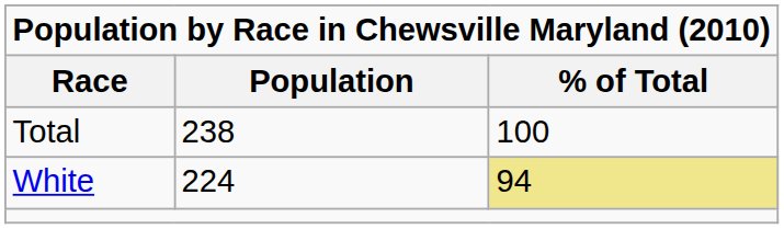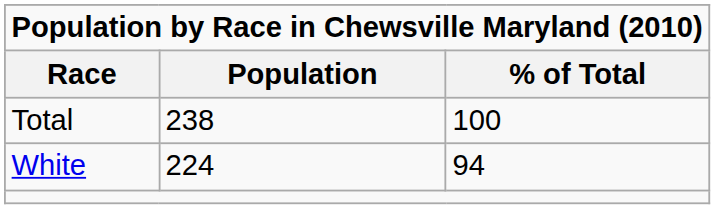 <table class="wikitable sortable">
 <tr>
 <td colspan="3" style="text-align:center;"><strong>Population by Race in Chewsville Maryland (2010)</strong></td>
 </tr>
 <tr>
 <th>Race</th>
 <th>Population</th>
 <th>% of Total</th>
 </tr>
 <tr>
 <td>Total</td>
 <td>238</td>
 <td>100</td>
 </tr>
 <tr>
 <td><a href='#'>White</a></td>
 <td>224</td>
-<td style="background: khaki;">94</td>
+<td>94</td>
 </tr>
 <tr>
 <td colspan="3"></td>
 </tr>
 </table>
